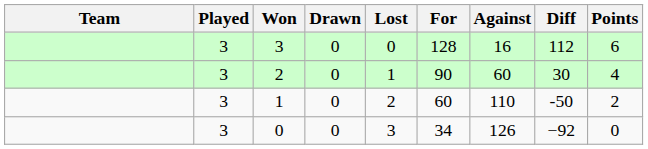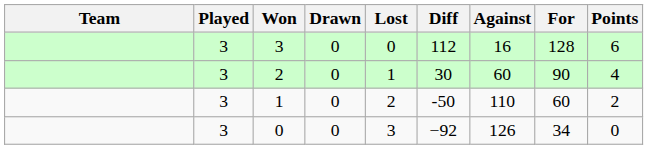 <table class="wikitable">
 <tr>
 <th width=165>Team</th>
 <th width=40>Played</th>
 <th width=40>Won</th>
 <th width=40>Drawn</th>
 <th width=40>Lost</th>
+<th width=40>Diff</th>
+<th width=40>Against</th>
 <th width=40>For</th>
-<th width=40>Against</th>
-<th width=40>Diff</th>
 <th width=40>Points</th>
 </tr>
 <tr bgcolor=#ccffcc align=center>
 <td style="text-align:left;"></td>
 <td>3</td>
 <td>3</td>
 <td>0</td>
 <td>0</td>
+<td>112</td>
+<td>16</td>
 <td>128</td>
-<td>16</td>
-<td>112</td>
 <td>6</td>
 </tr>
 <tr bgcolor=#ccffcc align=center>
 <td style="text-align:left;"></td>
 <td>3</td>
 <td>2</td>
 <td>0</td>
 <td>1</td>
+<td>30</td>
+<td>60</td>
 <td>90</td>
-<td>60</td>
-<td>30</td>
 <td>4</td>
 </tr>
 <tr align=center>
 <td style="text-align:left;"></td>
 <td>3</td>
 <td>1</td>
 <td>0</td>
 <td>2</td>
+<td>-50</td>
+<td>110</td>
 <td>60</td>
-<td>110</td>
-<td>-50</td>
 <td>2</td>
 </tr>
 <tr align=center>
 <td style="text-align:left;"></td>
 <td>3</td>
 <td>0</td>
 <td>0</td>
 <td>3</td>
+<td>−92</td>
+<td>126</td>
 <td>34</td>
-<td>126</td>
-<td>−92</td>
 <td>0</td>
 </tr>
 </table>
